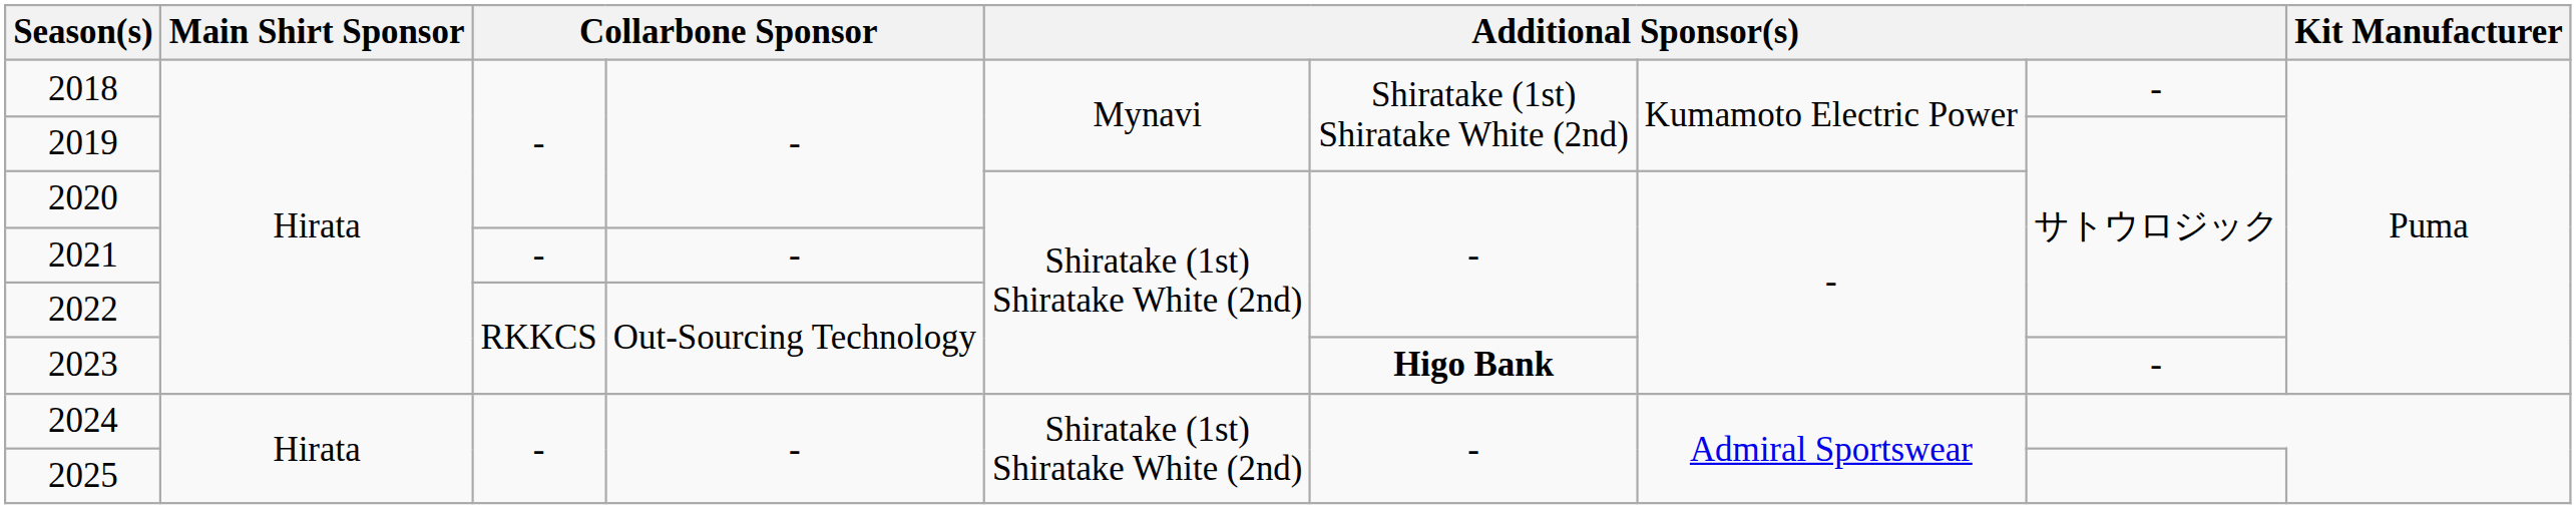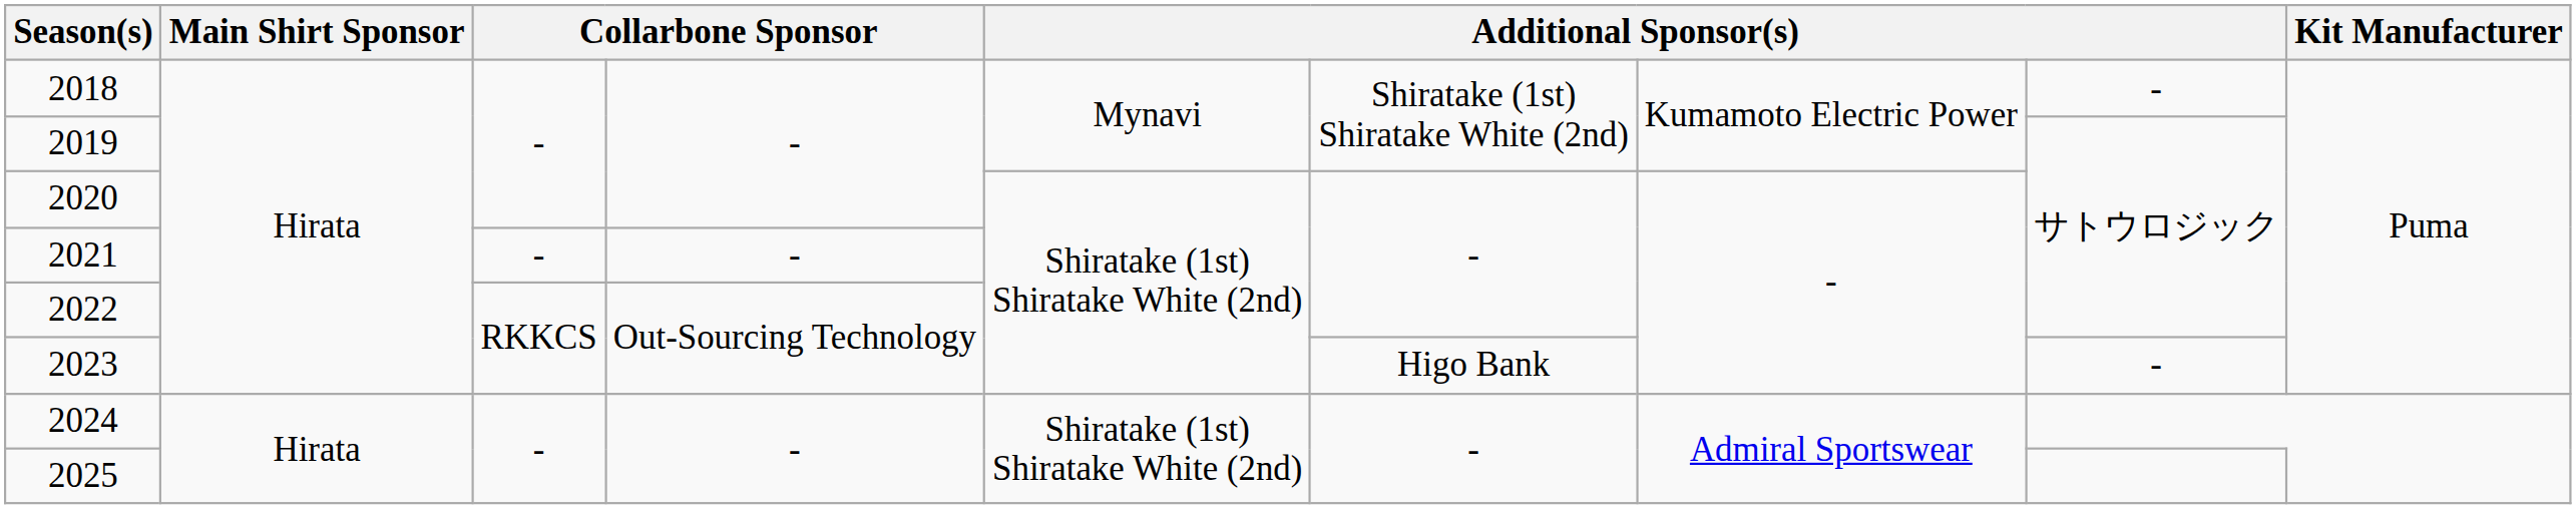 <table class="wikitable" style="text-align:center;">
 <tr>
 <th>Season(s)</th>
 <th>Main Shirt Sponsor</th>
 <th colspan=2>Collarbone Sponsor</th>
 <th colspan=4>Additional Sponsor(s)</th>
 <th>Kit Manufacturer</th>
 </tr>
 <tr>
 <td>2018</td>
 <td rowspan="6">Hirata</td>
 <td rowspan="3">-</td>
 <td rowspan="3">-</td>
 <td rowspan="2">Mynavi</td>
 <td rowspan="2">Shiratake (1st)<br>Shiratake White (2nd)</td>
 <td rowspan="2">Kumamoto Electric Power</td>
 <td>-</td>
 <td rowspan="6">Puma</td>
 </tr>
 <tr>
 <td>2019</td>
 <td rowspan="4">サトウロジック</td>
 </tr>
 <tr>
 <td>2020</td>
 <td rowspan=4>Shiratake (1st)<br>Shiratake White (2nd)</td>
 <td rowspan="3">-</td>
 <td rowspan="4">-</td>
 </tr>
 <tr>
 <td>2021</td>
 <td>-</td>
 <td>-</td>
 </tr>
 <tr>
 <td>2022</td>
 <td rowspan=2>RKKCS</td>
 <td rowspan=2>Out-Sourcing Technology</td>
 </tr>
 <tr>
 <td>2023</td>
-<td><strong>Higo Bank</strong></td>
+<td>Higo Bank</td>
 <td>-</td>
 </tr>
 <tr>
 <td>2024</td>
 <td rowspan="6">Hirata</td>
 <td rowspan="3">-</td>
 <td rowspan="3">-</td>
 <td rowspan="2">Shiratake (1st)<br>Shiratake White (2nd)</td>
 <td rowspan="2">-</td>
 <td rowspan="6"><a href='#'>Admiral Sportswear</a></td>
 </tr>
 <tr>
 <td>2025</td>
 <td></td>
 </tr>
 </table>
